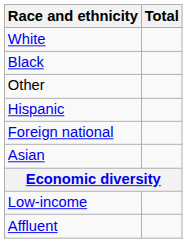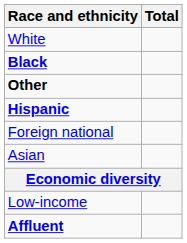 <table class="wikitable floatleft sortable collapsible"; text-align:left; font-size:80%;">
 <tr>
 <th>Race and ethnicity</th>
 <th colspan="2" data-sort-type=number>Total</th>
 </tr>
 <tr>
 <td><a href='#'>White</a></td>
 <td align=right></td>
 </tr>
 <tr>
-<td><a href='#'>Black</a></td>
+<td><strong><a href='#'>Black</a></strong></td>
 <td align=right></td>
 </tr>
 <tr>
-<td>Other</td>
+<td><strong>Other</strong></td>
 <td align=right></td>
 </tr>
 <tr>
-<td><a href='#'>Hispanic</a></td>
+<td><strong><a href='#'>Hispanic</a></strong></td>
 <td align=right></td>
 </tr>
 <tr>
 <td><a href='#'>Foreign national</a></td>
 <td align=right></td>
 </tr>
 <tr>
 <td><a href='#'>Asian</a></td>
 <td align=right></td>
 </tr>
 <tr>
 <th colspan="4" data-sort-type=number><a href='#'>Economic diversity</a></th>
 </tr>
 <tr>
 <td><a href='#'>Low-income</a></td>
 <td align=right></td>
 </tr>
 <tr>
-<td><a href='#'>Affluent</a></td>
+<td><strong><a href='#'>Affluent</a></strong></td>
 <td align=right></td>
 </tr>
 </table>
